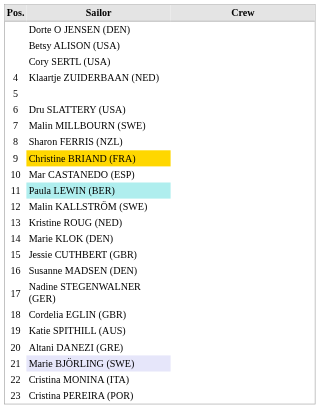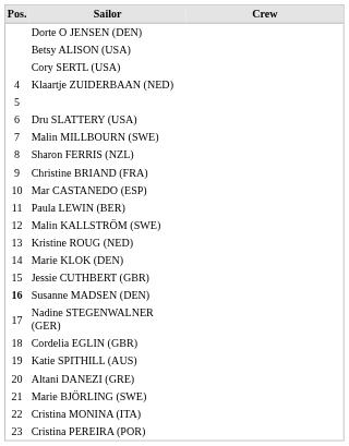 <table cellspacing="0" cellpadding="3" style="border:1px solid #AAAAAA;font-size:90%">
 <tr bgcolor="#E4E4E4">
 <th style="border-bottom:1px solid #AAAAAA" width=10>Pos.</th>
 <th style="border-bottom:1px solid #AAAAAA" width=200>Sailor</th>
 <th style="border-bottom:1px solid #AAAAAA" width=200>Crew</th>
 </tr>
 <tr>
 <td align="center"></td>
 <td>Dorte O JENSEN (DEN)</td>
 <td></td>
 </tr>
 <tr>
 <td align="center"></td>
 <td>Betsy ALISON (USA)</td>
 <td></td>
 </tr>
 <tr>
 <td align="center"></td>
 <td>Cory SERTL (USA)</td>
 <td></td>
 </tr>
 <tr>
 <td align="center">4</td>
 <td>Klaartje ZUIDERBAAN (NED)</td>
 <td></td>
 </tr>
 <tr>
 <td align="center">5</td>
 <td></td>
 <td></td>
 </tr>
 <tr>
 <td align="center">6</td>
 <td>Dru SLATTERY (USA)</td>
 <td></td>
 </tr>
 <tr>
 <td align="center">7</td>
 <td>Malin MILLBOURN (SWE)</td>
 <td></td>
 </tr>
 <tr>
 <td align="center">8</td>
 <td>Sharon FERRIS (NZL)</td>
 <td></td>
 </tr>
 <tr>
 <td align="center">9</td>
-<td style="background: gold;">Christine BRIAND (FRA)</td>
+<td>Christine BRIAND (FRA)</td>
 <td></td>
 </tr>
 <tr>
 <td align="center">10</td>
 <td>Mar CASTANEDO (ESP)</td>
 <td></td>
 </tr>
 <tr>
 <td align="center">11</td>
-<td style="background: paleturquoise;">Paula LEWIN (BER)</td>
+<td>Paula LEWIN (BER)</td>
 <td></td>
 </tr>
 <tr>
 <td align="center">12</td>
 <td>Malin KALLSTRÖM (SWE)</td>
 <td></td>
 </tr>
 <tr>
 <td align="center">13</td>
 <td>Kristine ROUG (NED)</td>
 <td></td>
 </tr>
 <tr>
 <td align="center">14</td>
 <td>Marie KLOK (DEN)</td>
 <td></td>
 </tr>
 <tr>
 <td align="center">15</td>
 <td>Jessie CUTHBERT (GBR)</td>
 <td></td>
 </tr>
 <tr>
-<td align="center">16</td>
+<td align="center"><strong>16</strong></td>
 <td>Susanne MADSEN (DEN)</td>
 <td></td>
 </tr>
 <tr>
 <td align="center">17</td>
 <td>Nadine STEGENWALNER (GER)</td>
 <td></td>
 </tr>
 <tr>
 <td align="center">18</td>
 <td>Cordelia EGLIN (GBR)</td>
 <td></td>
 </tr>
 <tr>
 <td align="center">19</td>
 <td>Katie SPITHILL (AUS)</td>
 <td></td>
 </tr>
 <tr>
 <td align="center">20</td>
 <td>Altani DANEZI (GRE)</td>
 <td></td>
 </tr>
 <tr>
 <td align="center">21</td>
-<td style="background: lavender;">Marie BJÖRLING (SWE)</td>
+<td>Marie BJÖRLING (SWE)</td>
 <td></td>
 </tr>
 <tr>
 <td align="center">22</td>
 <td>Cristina MONINA (ITA)</td>
 <td></td>
 </tr>
 <tr>
 <td align="center">23</td>
 <td>Cristina PEREIRA (POR)</td>
 <td></td>
 </tr>
 <tr>
 </tr>
 </table>
